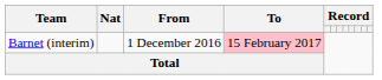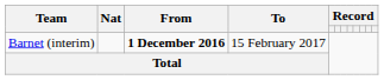 <table class="wikitable" style="text-align: center">
 <tr>
 <th rowspan="2">Team</th>
 <th rowspan="2">Nat</th>
 <th rowspan="2">From</th>
 <th rowspan="2">To</th>
 <th colspan="9">Record</th>
 </tr>
 <tr>
 <th></th>
 <th></th>
 <th></th>
 <th></th>
 <th></th>
 <th></th>
 <th></th>
 <th></th>
 </tr>
 <tr>
 <td align="left"><a href='#'>Barnet</a> (interim)</td>
 <td align="center"></td>
-<td align="center">1 December 2016</td>
-<td align="center" style="background: pink;">15 February 2017<br></td>
+<td align="center"><strong>1 December 2016</strong></td>
+<td align="center">15 February 2017<br></td>
 </tr>
 <tr>
 <th colspan="4">Total<br></th>
 </tr>
 </table>
